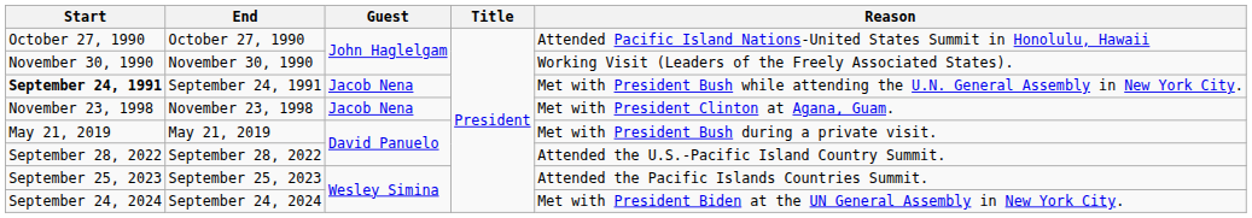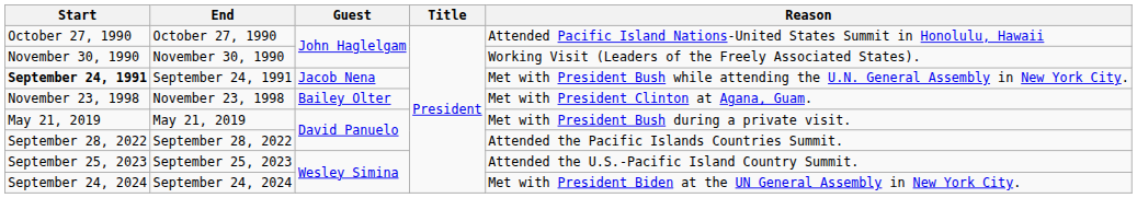 <table class="wikitable sortable">
 <tr>
 <th>Start</th>
 <th>End</th>
 <th>Guest</th>
 <th>Title</th>
 <th>Reason</th>
 </tr>
 <tr>
 <td>October 27, 1990</td>
 <td>October 27, 1990</td>
 <td rowspan=2><a href='#'>John Haglelgam</a></td>
 <td rowspan=8><a href='#'>President</a></td>
 <td>Attended <a href='#'>Pacific Island Nations</a>-United States Summit in <a href='#'>Honolulu, Hawaii</a></td>
 </tr>
 <tr>
 <td>November 30, 1990</td>
 <td>November 30, 1990</td>
 <td>Working Visit (Leaders of the Freely Associated States).</td>
 </tr>
 <tr>
 <td><strong>September 24, 1991</strong></td>
 <td>September 24, 1991</td>
 <td><a href='#'>Jacob Nena</a></td>
 <td>Met with <a href='#'>President Bush</a> while attending the <a href='#'>U.N. General Assembly</a> in <a href='#'>New York City</a>.</td>
 </tr>
 <tr>
 <td>November 23, 1998</td>
 <td>November 23, 1998</td>
-<td><a href='#'>Jacob Nena</a></td>
+<td><a href='#'>Bailey Olter</a></td>
 <td>Met with <a href='#'>President Clinton</a> at <a href='#'>Agana, Guam</a>.</td>
 </tr>
 <tr>
 <td>May 21, 2019</td>
 <td>May 21, 2019</td>
 <td rowspan=2><a href='#'>David Panuelo</a></td>
 <td>Met with <a href='#'>President Bush</a> during a private visit.</td>
 </tr>
 <tr>
 <td>September 28, 2022</td>
 <td>September 28, 2022</td>
-<td>Attended the U.S.-Pacific Island Country Summit.</td>
+<td>Attended the Pacific Islands Countries Summit.</td>
 </tr>
 <tr>
 <td>September 25, 2023</td>
 <td>September 25, 2023</td>
 <td rowspan=2><a href='#'>Wesley Simina</a></td>
-<td>Attended the Pacific Islands Countries Summit.</td>
+<td>Attended the U.S.-Pacific Island Country Summit.</td>
 </tr>
 <tr>
 <td>September 24, 2024</td>
 <td>September 24, 2024</td>
 <td>Met with <a href='#'>President Biden</a> at the <a href='#'>UN General Assembly</a> in <a href='#'>New York City</a>.</td>
 </tr>
 </table>
